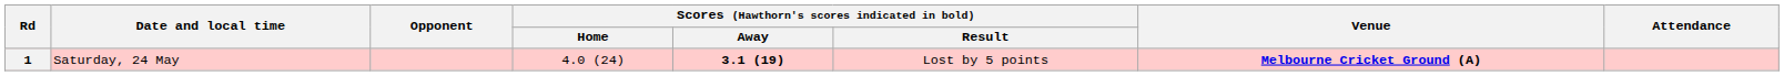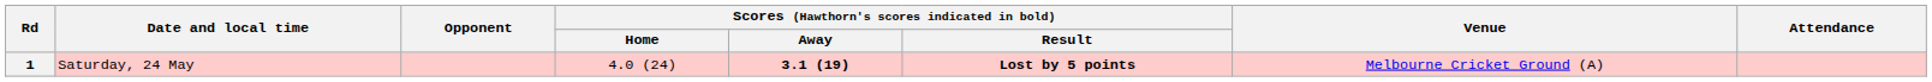 <table class="wikitable" style="font-size:90%; text-align:center; width: 100%; margin-left: auto; margin-right: auto">
 <tr>
 <th rowspan="2">Rd</th>
 <th rowspan="2">Date and local time</th>
 <th rowspan="2">Opponent</th>
 <th colspan="3">Scores <small>(Hawthorn's scores indicated in bold)</small></th>
 <th rowspan="2">Venue</th>
 <th rowspan="2">Attendance</th>
 </tr>
 <tr>
 <th>Home</th>
 <th>Away</th>
 <th>Result</th>
 </tr>
 <tr style="background:#fcc;">
 <th>1</th>
 <td align=left>Saturday, 24 May</td>
 <td align=left></td>
 <td>4.0 (24)</td>
 <td><strong>3.1 (19)</strong></td>
-<td>Lost by 5 points</td>
-<td><strong><a href='#'>Melbourne Cricket Ground</a> (A)</strong></td>
+<td><strong>Lost by 5 points</strong></td>
+<td><a href='#'>Melbourne Cricket Ground</a> (A)</td>
 <td></td>
 </tr>
 </table>
